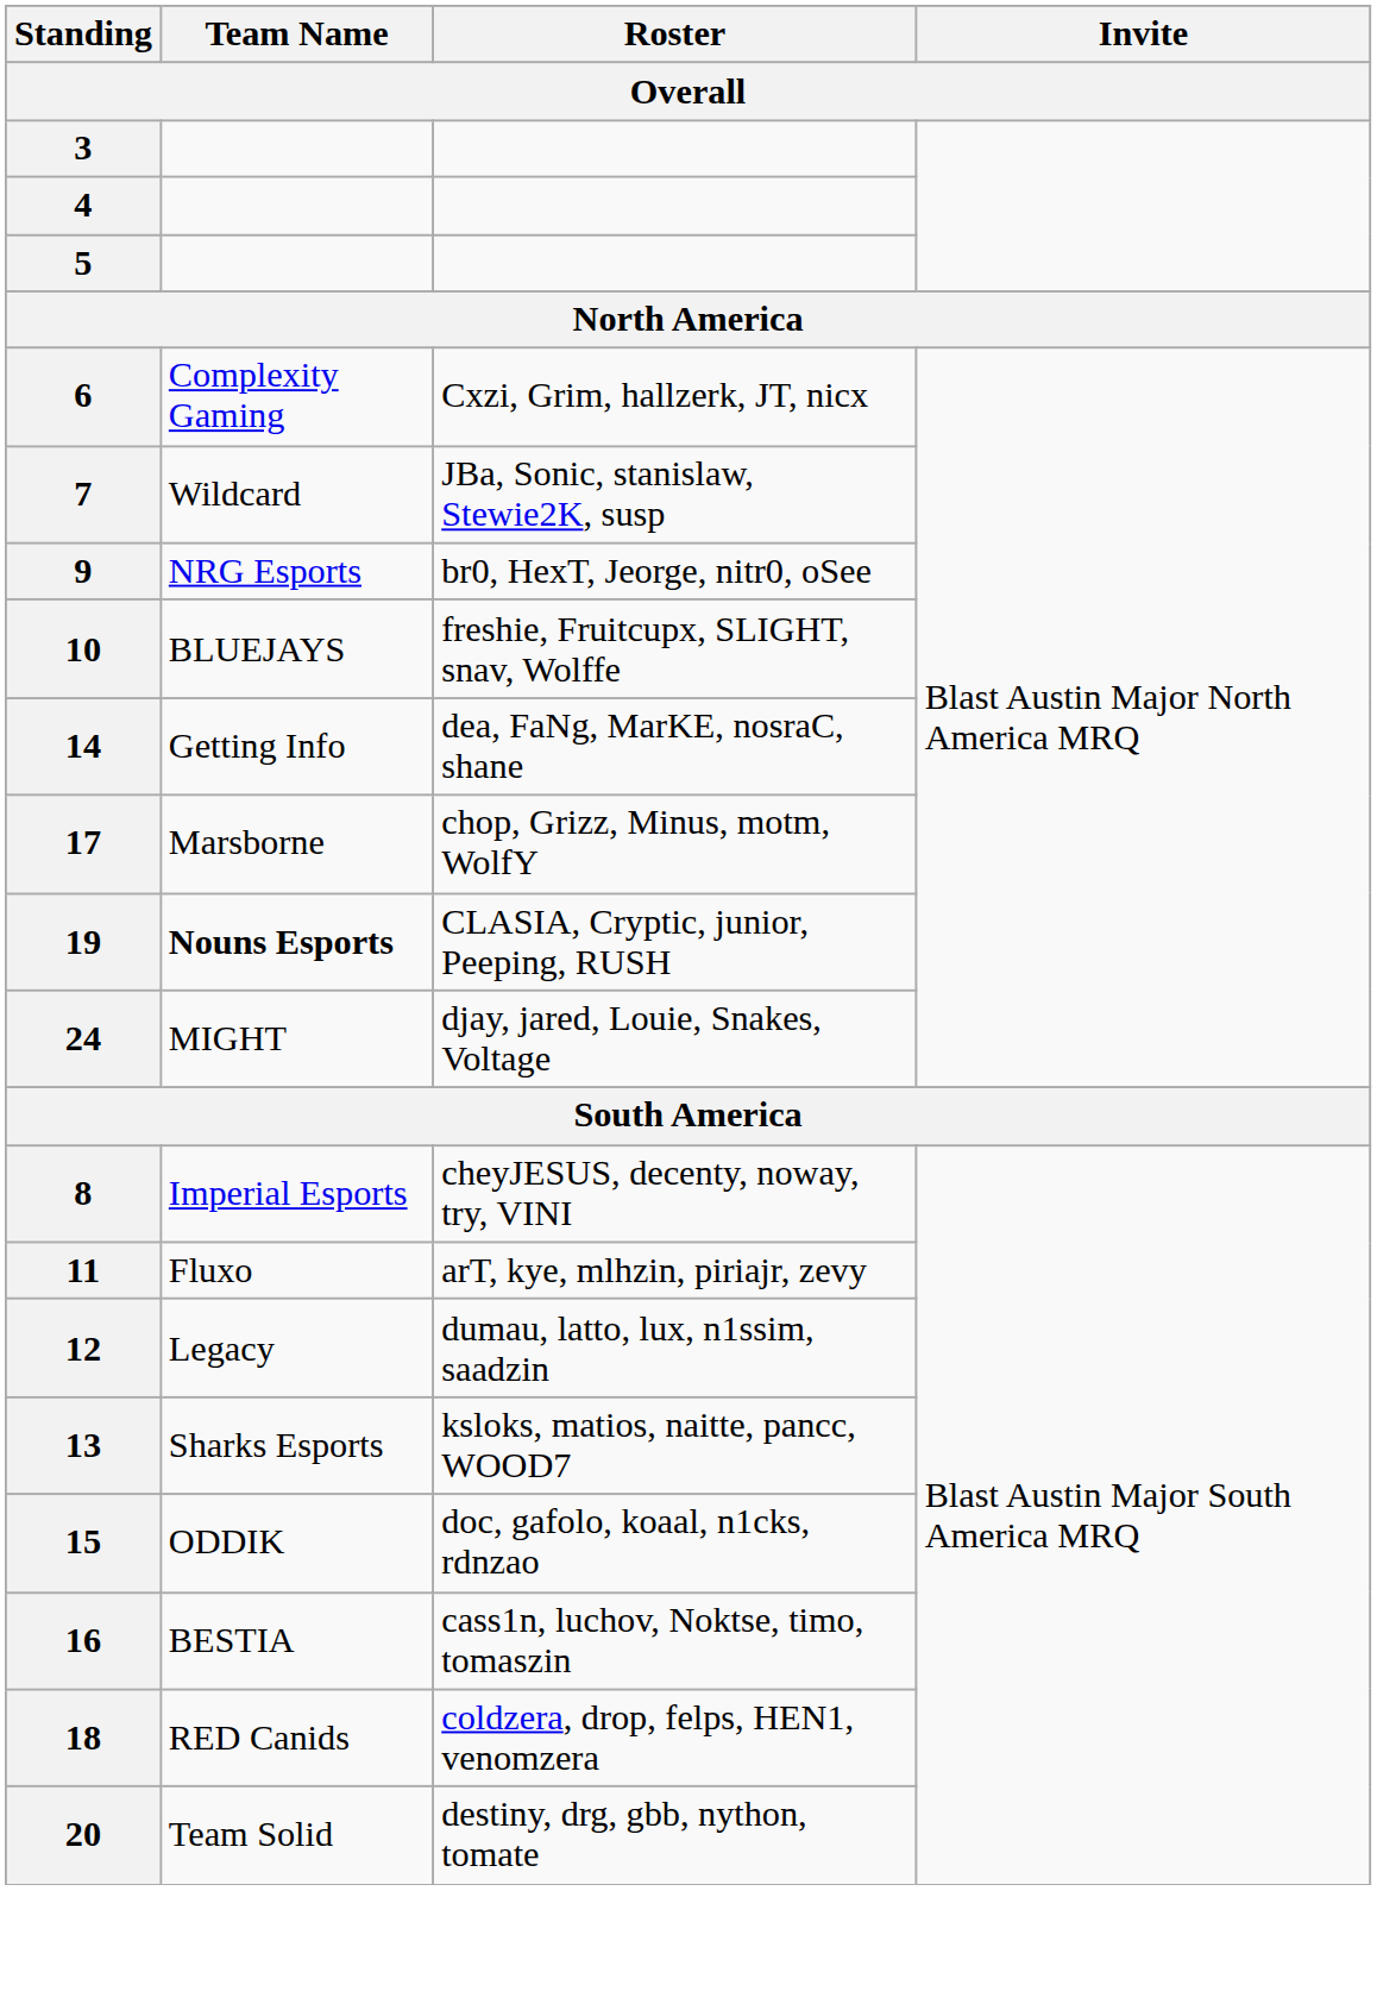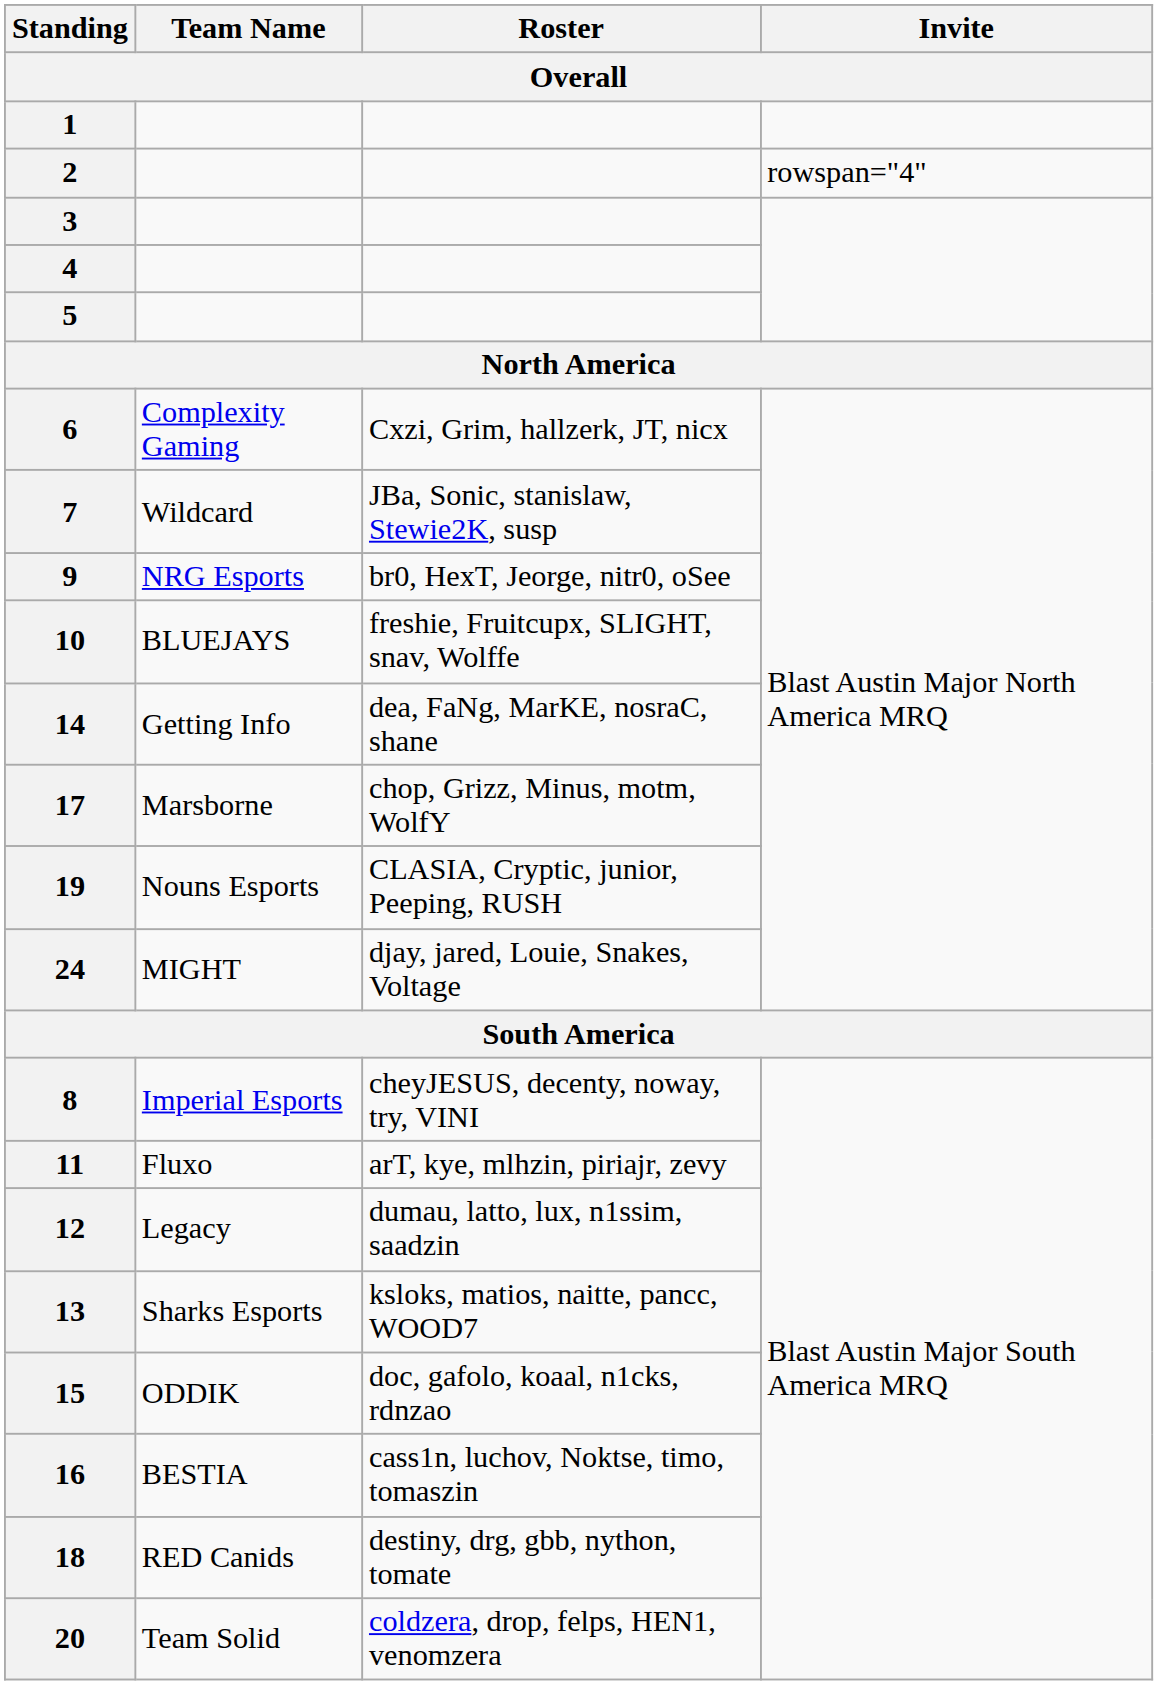 <table class="wikitable col2center col3center col4center">
 <tr>
 <th>Standing</th>
 <th>Team Name</th>
 <th>Roster</th>
 <th>Invite</th>
 </tr>
 <tr>
 <th colspan="4">Overall</th>
+</tr>
+<tr>
+<th>1</th>
+<td></td>
+<td></td>
+<td></td>
+</tr>
+<tr>
+<th>2</th>
+<td></td>
+<td></td>
+<td>rowspan="4" </td>
 </tr>
 <tr>
 <th>3</th>
 <td></td>
 <td></td>
 </tr>
 <tr>
 <th>4</th>
 <td></td>
 <td></td>
 </tr>
 <tr>
 <th>5</th>
 <td></td>
 <td></td>
 </tr>
 <tr>
 <th colspan="4">North America</th>
 </tr>
 <tr>
 <th>6</th>
 <td><a href='#'>Complexity Gaming</a></td>
 <td>Cxzi, Grim, hallzerk, JT, nicx</td>
 <td rowspan="8">Blast Austin Major North America MRQ</td>
 </tr>
 <tr>
 <th>7</th>
 <td>Wildcard</td>
 <td>JBa, Sonic, stanislaw, <a href='#'>Stewie2K</a>, susp</td>
 </tr>
 <tr>
 <th>9</th>
 <td><a href='#'>NRG Esports</a></td>
 <td>br0, HexT, Jeorge, nitr0, oSee</td>
 </tr>
 <tr>
 <th>10</th>
 <td>BLUEJAYS</td>
 <td>freshie, Fruitcupx, SLIGHT, snav, Wolffe</td>
 </tr>
 <tr>
 <th>14</th>
 <td>Getting Info</td>
 <td>dea, FaNg, MarKE, nosraC, shane</td>
 </tr>
 <tr>
 <th>17</th>
 <td>Marsborne</td>
 <td>chop, Grizz, Minus, motm, WolfY</td>
 </tr>
 <tr>
 <th>19</th>
-<td><strong>Nouns Esports</strong></td>
+<td>Nouns Esports</td>
 <td>CLASIA, Cryptic, junior, Peeping, RUSH</td>
 </tr>
 <tr>
 <th>24</th>
 <td>MIGHT</td>
 <td>djay, jared, Louie, Snakes, Voltage</td>
 </tr>
 <tr>
 <th colspan="4">South America</th>
 </tr>
 <tr>
 <th>8</th>
 <td><a href='#'>Imperial Esports</a></td>
 <td>cheyJESUS, decenty, noway, try, VINI</td>
 <td rowspan="8">Blast Austin Major South America MRQ</td>
 </tr>
 <tr>
 <th>11</th>
 <td>Fluxo</td>
 <td>arT, kye, mlhzin, piriajr, zevy</td>
 </tr>
 <tr>
 <th>12</th>
 <td>Legacy</td>
 <td>dumau, latto, lux, n1ssim, saadzin</td>
 </tr>
 <tr>
 <th>13</th>
 <td>Sharks Esports</td>
 <td>ksloks, matios, naitte, pancc, WOOD7</td>
 </tr>
 <tr>
 <th>15</th>
 <td>ODDIK</td>
 <td>doc, gafolo, koaal, n1cks, rdnzao</td>
 </tr>
 <tr>
 <th>16</th>
 <td>BESTIA</td>
 <td>cass1n, luchov, Noktse, timo, tomaszin</td>
 </tr>
 <tr>
 <th>18</th>
 <td>RED Canids</td>
-<td><a href='#'>coldzera</a>, drop, felps, HEN1, venomzera</td>
+<td>destiny, drg, gbb, nython, tomate</td>
 </tr>
 <tr>
 <th>20</th>
 <td>Team Solid</td>
-<td>destiny, drg, gbb, nython, tomate</td>
+<td><a href='#'>coldzera</a>, drop, felps, HEN1, venomzera</td>
 </tr>
 </table>
